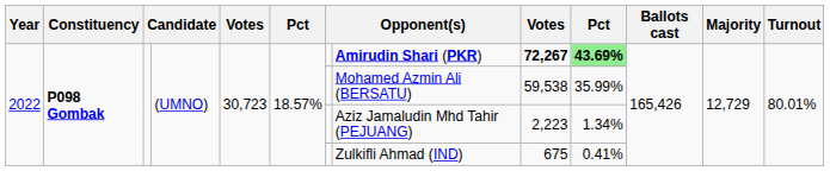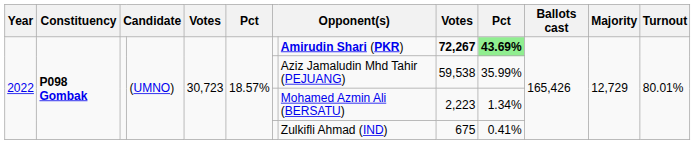 <table class="wikitable" style="margin:0.5em ; font-size:95%">
 <tr>
 <th>Year</th>
 <th>Constituency</th>
 <th colspan="2">Candidate</th>
 <th>Votes</th>
 <th>Pct</th>
 <th colspan="2">Opponent(s)</th>
 <th>Votes</th>
 <th>Pct</th>
 <th>Ballots cast</th>
 <th>Majority</th>
 <th>Turnout</th>
 </tr>
 <tr>
 <td rowspan="4"><a href='#'>2022</a></td>
 <td rowspan="4"><strong>P098 <a href='#'>Gombak</a></strong></td>
 <td rowspan="4" ></td>
 <td rowspan="4"> (<a href='#'>UMNO</a>)</td>
 <td rowspan="4" align="right">30,723</td>
 <td rowspan="4">18.57%</td>
 <td></td>
 <td><strong><a href='#'>Amirudin Shari</a></strong> (<a href='#'><strong>PKR</strong></a>)</td>
 <td align="right"><strong>72,267</strong></td>
 <td style="background: lightgreen;"><strong>43.69%</strong></td>
 <td rowspan="4">165,426</td>
 <td rowspan="4">12,729</td>
 <td rowspan="4">80.01%</td>
 </tr>
 <tr>
 <td bgcolor=></td>
-<td><a href='#'>Mohamed Azmin Ali</a> (<a href='#'>BERSATU</a>)</td>
+<td>Aziz Jamaludin Mhd Tahir (<a href='#'>PEJUANG</a>)</td>
 <td align="right">59,538</td>
 <td>35.99%</td>
 </tr>
 <tr>
 <td bgcolor=></td>
-<td>Aziz Jamaludin Mhd Tahir (<a href='#'>PEJUANG</a>)</td>
+<td><a href='#'>Mohamed Azmin Ali</a> (<a href='#'>BERSATU</a>)</td>
 <td align="right">2,223</td>
 <td align="right">1.34%</td>
 </tr>
 <tr>
 <td></td>
 <td>Zulkifli Ahmad (<a href='#'>IND</a>)</td>
 <td align="right">675</td>
 <td align="right">0.41%</td>
 </tr>
 </table>
